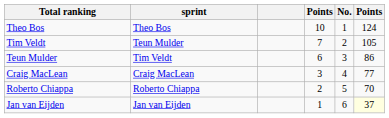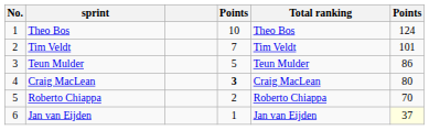 <table class="wikitable">
 <tr>
-<th width="200px">Total ranking</th>
+<th width="20px">No.</th>
 <th width="200px">sprint</th>
 <th width="70px"></th>
 <th width="40px">Points</th>
-<th width="20px">No.</th>
+<th width="200px">Total ranking</th>
 <th width="40px">Points</th>
 </tr>
 <tr align=center>
-<td align=left> <a href='#'>Theo Bos</a></td>
+<td>1</td>
 <td align=left> <a href='#'>Theo Bos</a></td>
 <td></td>
 <td>10</td>
-<td>1</td>
+<td align=left> <a href='#'>Theo Bos</a></td>
 <td>124</td>
 </tr>
 <tr align=center>
+<td>2</td>
 <td align=left> <a href='#'>Tim Veldt</a></td>
+<td></td>
+<td>7</td>
+<td align=left> <a href='#'>Tim Veldt</a></td>
+<td>101</td>
+</tr>
+<tr align=center>
+<td>3</td>
 <td align=left> <a href='#'>Teun Mulder</a></td>
 <td></td>
-<td>7</td>
-<td>2</td>
-<td>105</td>
-</tr>
-<tr align=center>
+<td>5</td>
 <td align=left> <a href='#'>Teun Mulder</a></td>
-<td align=left> <a href='#'>Tim Veldt</a></td>
-<td></td>
-<td>6</td>
-<td>3</td>
 <td>86</td>
 </tr>
 <tr align=center>
-<td align=left> <a href='#'>Craig MacLean</a></td>
+<td>4</td>
 <td align=left> <a href='#'>Craig MacLean</a></td>
 <td></td>
-<td>3</td>
-<td>4</td>
-<td>77</td>
+<td><strong>3</strong></td>
+<td align=left> <a href='#'>Craig MacLean</a></td>
+<td>80</td>
 </tr>
 <tr align=center>
-<td align=left> <a href='#'>Roberto Chiappa</a></td>
+<td>5</td>
 <td align=left> <a href='#'>Roberto Chiappa</a></td>
 <td></td>
 <td>2</td>
-<td>5</td>
+<td align=left> <a href='#'>Roberto Chiappa</a></td>
 <td>70</td>
 </tr>
 <tr align=center>
-<td align=left> <a href='#'>Jan van Eijden</a></td>
+<td>6</td>
 <td align=left> <a href='#'>Jan van Eijden</a></td>
 <td></td>
 <td>1</td>
-<td>6</td>
+<td align=left> <a href='#'>Jan van Eijden</a></td>
 <td style="background: lightyellow;">37</td>
 </tr>
 </table>
